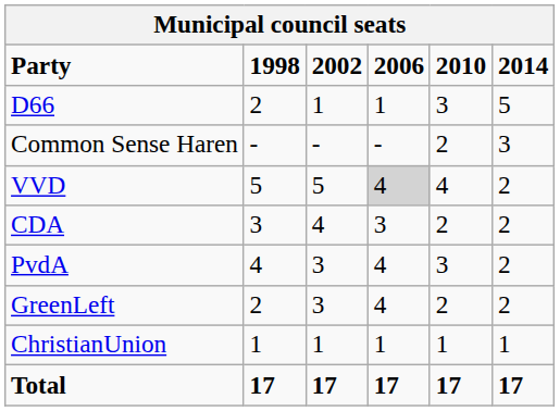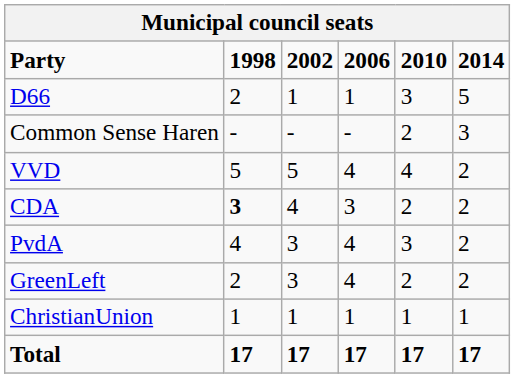 <table class="wikitable">
 <tr>
 <th colspan="16"><strong>Municipal council seats</strong></th>
 </tr>
 <tr>
 <td><strong>Party</strong></td>
 <td><strong>1998</strong></td>
 <td><strong>2002</strong></td>
 <td><strong>2006</strong></td>
 <td><strong>2010</strong></td>
 <td><strong>2014</strong></td>
 </tr>
 <tr>
 <td><a href='#'>D66</a></td>
 <td>2</td>
 <td>1</td>
 <td>1</td>
 <td>3</td>
 <td>5</td>
 </tr>
 <tr>
 <td>Common Sense Haren</td>
 <td>-</td>
 <td>-</td>
 <td>-</td>
 <td>2</td>
 <td>3</td>
 </tr>
 <tr>
 <td><a href='#'>VVD</a></td>
 <td>5</td>
 <td>5</td>
-<td style="background: lightgrey;">4</td>
+<td>4</td>
 <td>4</td>
 <td>2</td>
 </tr>
 <tr>
 <td><a href='#'>CDA</a></td>
-<td>3</td>
+<td><strong>3</strong></td>
 <td>4</td>
 <td>3</td>
 <td>2</td>
 <td>2</td>
 </tr>
 <tr>
 <td><a href='#'>PvdA</a></td>
 <td>4</td>
 <td>3</td>
 <td>4</td>
 <td>3</td>
 <td>2</td>
 </tr>
 <tr>
 <td><a href='#'>GreenLeft</a></td>
 <td>2</td>
 <td>3</td>
 <td>4</td>
 <td>2</td>
 <td>2</td>
 </tr>
 <tr>
 <td><a href='#'>ChristianUnion</a></td>
 <td>1</td>
 <td>1</td>
 <td>1</td>
 <td>1</td>
 <td>1</td>
 </tr>
 <tr>
 <td><strong>Total</strong></td>
 <td><strong>17</strong></td>
 <td><strong>17</strong></td>
 <td><strong>17</strong></td>
 <td><strong>17</strong></td>
 <td><strong>17</strong></td>
 </tr>
 </table>
